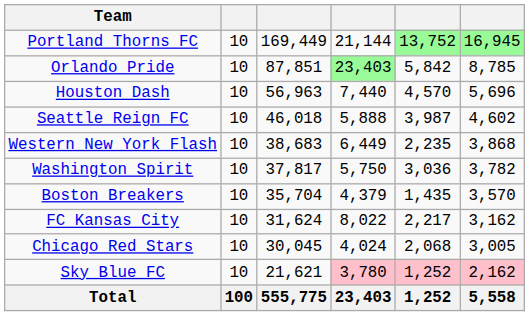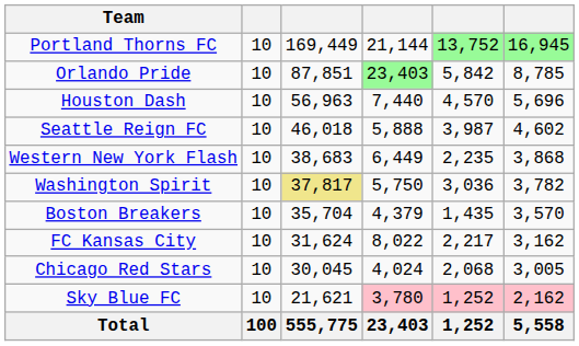 <table class="wikitable sortable" style="font-size: 95%;text-align: center;">
 <tr>
 <th>Team</th>
 <th></th>
 <th></th>
 <th></th>
 <th></th>
 <th></th>
 </tr>
 <tr>
 <td><a href='#'>Portland Thorns FC</a></td>
 <td>10</td>
 <td>169,449</td>
 <td>21,144</td>
 <td bgcolor="#98FB98">13,752</td>
 <td bgcolor="#98FB98">16,945</td>
 </tr>
 <tr>
 <td><a href='#'>Orlando Pride</a></td>
 <td>10</td>
 <td>87,851</td>
 <td bgcolor="#98FB98">23,403</td>
 <td>5,842</td>
 <td>8,785</td>
 </tr>
 <tr>
 <td><a href='#'>Houston Dash</a></td>
 <td>10</td>
 <td>56,963</td>
 <td>7,440</td>
 <td>4,570</td>
 <td>5,696</td>
 </tr>
 <tr>
 <td><a href='#'>Seattle Reign FC</a></td>
 <td>10</td>
 <td>46,018</td>
 <td>5,888</td>
 <td>3,987</td>
 <td>4,602</td>
 </tr>
 <tr>
 <td><a href='#'>Western New York Flash</a></td>
 <td>10</td>
 <td>38,683</td>
 <td>6,449</td>
 <td>2,235</td>
 <td>3,868</td>
 </tr>
 <tr>
 <td><a href='#'>Washington Spirit</a></td>
 <td>10</td>
-<td>37,817</td>
+<td style="background: khaki;">37,817</td>
 <td>5,750</td>
 <td>3,036</td>
 <td>3,782</td>
 </tr>
 <tr>
 <td><a href='#'>Boston Breakers</a></td>
 <td>10</td>
 <td>35,704</td>
 <td>4,379</td>
 <td>1,435</td>
 <td>3,570</td>
 </tr>
 <tr>
 <td><a href='#'>FC Kansas City</a></td>
 <td>10</td>
 <td>31,624</td>
 <td>8,022</td>
 <td>2,217</td>
 <td>3,162</td>
 </tr>
 <tr>
 <td><a href='#'>Chicago Red Stars</a></td>
 <td>10</td>
 <td>30,045</td>
 <td>4,024</td>
 <td>2,068</td>
 <td>3,005</td>
 </tr>
 <tr>
 <td><a href='#'>Sky Blue FC</a></td>
 <td>10</td>
 <td>21,621</td>
 <td bgcolor="#FFC0CB">3,780</td>
 <td bgcolor="#FFC0CB">1,252</td>
 <td bgcolor="#FFC0CB">2,162</td>
 </tr>
 <tr>
 <th>Total</th>
 <th>100</th>
 <th>555,775</th>
 <th>23,403</th>
 <th>1,252</th>
 <th>5,558</th>
 </tr>
 </table>
